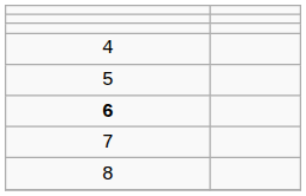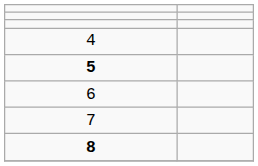 <table class="wikitable" width="200px">
 <tr>
 <td align=center></td>
 <td></td>
 </tr>
 <tr>
 <td align=center></td>
 <td></td>
 </tr>
 <tr>
 <td align=center></td>
 <td></td>
 </tr>
 <tr>
 <td align=center>4</td>
 <td></td>
 </tr>
 <tr>
-<td align=center>5</td>
+<td align=center><strong>5</strong></td>
 <td></td>
 </tr>
 <tr>
-<td align=center><strong>6</strong></td>
+<td align=center>6</td>
 <td></td>
 </tr>
 <tr>
 <td align=center>7</td>
 <td></td>
 </tr>
 <tr>
-<td align=center>8</td>
+<td align=center><strong>8</strong></td>
 <td></td>
 </tr>
 <tr>
 </tr>
 </table>
